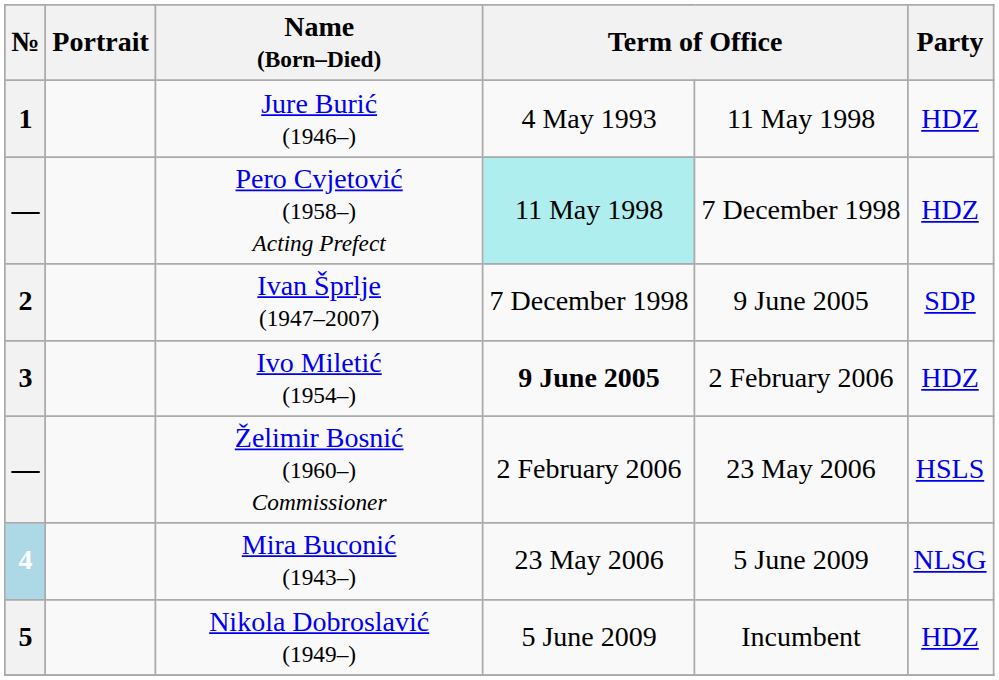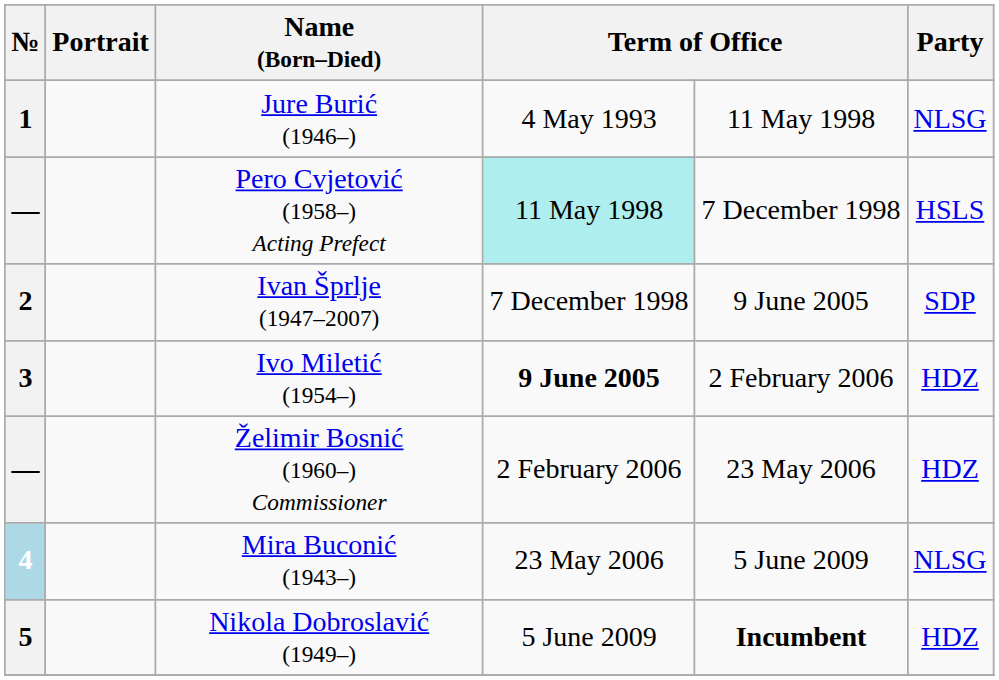 <table class="wikitable" style="text-align:center">
 <tr ->
 <th>№</th>
 <th>Portrait</th>
 <th width=180>Name<br><small>(Born–Died)</small></th>
 <th colspan=2>Term of Office</th>
 <th>Party</th>
 </tr>
 <tr ->
 <th style="background:">1</th>
 <td></td>
 <td><a href='#'>Jure Burić</a><br><small>(1946–)</small></td>
 <td>4 May 1993</td>
 <td>11 May 1998</td>
-<td><a href='#'>HDZ</a></td>
+<td><a href='#'>NLSG</a></td>
 </tr>
 <tr ->
 <th style="background:">—</th>
 <td></td>
 <td><a href='#'>Pero Cvjetović</a><br><small>(1958–)</small><br><small><em>Acting Prefect</em></small></td>
 <td style="background: paleturquoise;">11 May 1998</td>
 <td>7 December 1998</td>
-<td><a href='#'>HDZ</a></td>
+<td><a href='#'>HSLS</a></td>
 </tr>
 <tr ->
 <th style="background:">2</th>
 <td></td>
 <td><a href='#'>Ivan Šprlje</a><br><small>(1947–2007)</small></td>
 <td>7 December 1998</td>
 <td>9 June 2005</td>
 <td><a href='#'>SDP</a></td>
 </tr>
 <tr ->
 <th style="background:">3</th>
 <td></td>
 <td><a href='#'>Ivo Miletić</a><br><small>(1954–)</small></td>
 <td><strong>9 June 2005</strong></td>
 <td>2 February 2006</td>
 <td><a href='#'>HDZ</a></td>
 </tr>
 <tr ->
 <th style="background:">—</th>
 <td></td>
 <td><a href='#'>Želimir Bosnić</a><br><small>(1960–)</small><br><small><em>Commissioner</em></small></td>
 <td>2 February 2006</td>
 <td>23 May 2006</td>
-<td><a href='#'>HSLS</a></td>
+<td><a href='#'>HDZ</a></td>
 </tr>
 <tr ->
 <th style="background:Lightblue; color:white;">4</th>
 <td></td>
 <td><a href='#'>Mira Buconić</a><br><small>(1943–)</small></td>
 <td>23 May 2006</td>
 <td>5 June 2009</td>
 <td><a href='#'>NLSG</a></td>
 </tr>
 <tr ->
 <th style="background:">5</th>
 <td></td>
 <td><a href='#'>Nikola Dobroslavić</a><br><small>(1949–)</small></td>
 <td>5 June 2009</td>
-<td>Incumbent</td>
+<td><strong>Incumbent</strong></td>
 <td><a href='#'>HDZ</a></td>
 </tr>
 <tr ->
 </tr>
 </table>
